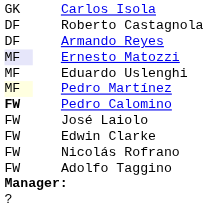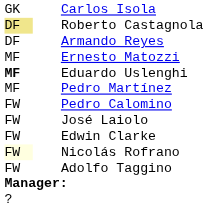 <table cellspacing="0" cellpadding="0" style="font-size:90%; margin:0.2em auto;">
 <tr>
 <th width="25"></th>
 <th width="25"></th>
 </tr>
 <tr>
 <td>GK</td>
 <td><strong> </strong></td>
 <td><a href='#'>Carlos Isola</a></td>
 </tr>
 <tr>
-<td>DF</td>
+<td style="background: khaki;">DF</td>
 <td><strong> </strong></td>
 <td>Roberto Castagnola</td>
 </tr>
 <tr>
 <td>DF</td>
 <td><strong> </strong></td>
 <td><a href='#'>Armando Reyes</a></td>
 </tr>
 <tr>
-<td style="background: lavender;">MF</td>
+<td>MF</td>
 <td><strong> </strong></td>
 <td><a href='#'>Ernesto Matozzi</a></td>
 </tr>
 <tr>
-<td>MF</td>
+<td><strong>MF</strong></td>
 <td><strong> </strong></td>
 <td>Eduardo Uslenghi</td>
 </tr>
 <tr>
-<td style="background: lightyellow;">MF</td>
+<td>MF</td>
 <td><strong> </strong></td>
 <td><a href='#'>Pedro Martínez</a></td>
 </tr>
 <tr>
-<td><strong>FW</strong></td>
+<td>FW</td>
 <td><strong> </strong></td>
 <td><a href='#'>Pedro Calomino</a></td>
 </tr>
 <tr>
 <td>FW</td>
 <td><strong> </strong></td>
 <td>José Laiolo</td>
 </tr>
 <tr>
 <td>FW</td>
 <td><strong> </strong></td>
 <td>Edwin Clarke</td>
 </tr>
 <tr>
-<td>FW</td>
+<td style="background: lightyellow;">FW</td>
 <td><strong> </strong></td>
 <td>Nicolás Rofrano</td>
 </tr>
 <tr>
 <td>FW</td>
 <td><strong> </strong></td>
 <td>Adolfo Taggino</td>
 </tr>
 <tr>
 <td colspan=3><strong>Manager:</strong></td>
 </tr>
 <tr>
 <td colspan=4> ?</td>
 </tr>
 </table>
